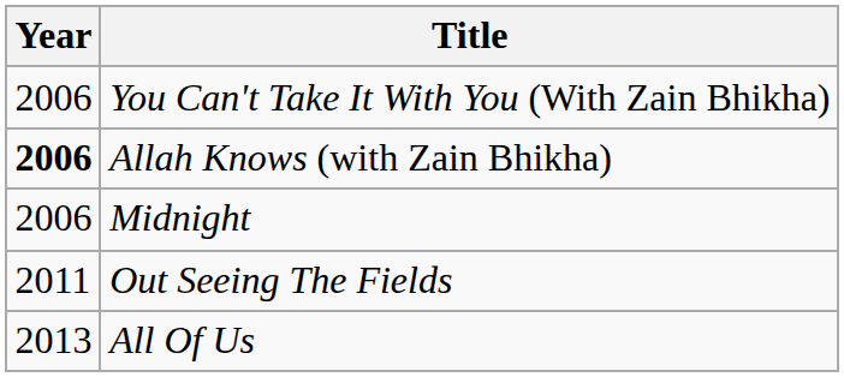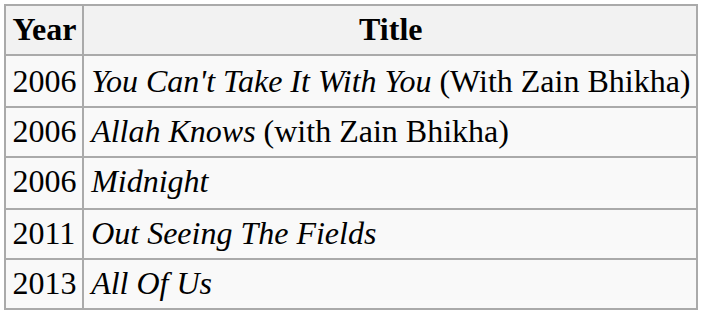 <table class="wikitable">
 <tr>
 <th>Year</th>
 <th>Title</th>
 </tr>
 <tr>
 <td>2006</td>
 <td><em>You Can't Take It With You</em> (With Zain Bhikha)</td>
 </tr>
 <tr>
-<td><strong>2006</strong></td>
+<td>2006</td>
 <td><em>Allah Knows</em> (with Zain Bhikha)</td>
 </tr>
 <tr>
 <td>2006</td>
 <td><em>Midnight</em></td>
 </tr>
 <tr>
 <td>2011</td>
 <td><em>Out Seeing The Fields</em></td>
 </tr>
 <tr>
 <td>2013</td>
 <td><em>All Of Us</em></td>
 </tr>
 <tr>
 </tr>
 </table>
